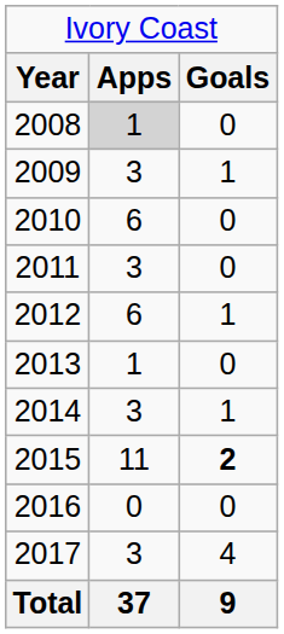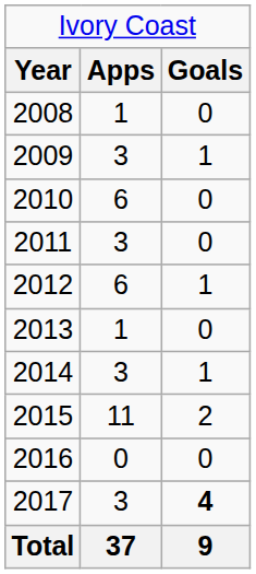 <table class="wikitable" style="text-align:center">
 <tr>
 <td colspan="3"><a href='#'>Ivory Coast</a></td>
 </tr>
 <tr>
 <th>Year</th>
 <th>Apps</th>
 <th>Goals</th>
 </tr>
 <tr>
 <td>2008</td>
-<td style="background: lightgrey;">1</td>
+<td>1</td>
 <td>0</td>
 </tr>
 <tr>
 <td>2009</td>
 <td>3</td>
 <td>1</td>
 </tr>
 <tr>
 <td>2010</td>
 <td>6</td>
 <td>0</td>
 </tr>
 <tr>
 <td>2011</td>
 <td>3</td>
 <td>0</td>
 </tr>
 <tr>
 <td>2012</td>
 <td>6</td>
 <td>1</td>
 </tr>
 <tr>
 <td>2013</td>
 <td>1</td>
 <td>0</td>
 </tr>
 <tr>
 <td>2014</td>
 <td>3</td>
 <td>1</td>
 </tr>
 <tr>
 <td>2015</td>
 <td>11</td>
-<td><strong>2</strong></td>
+<td>2</td>
 </tr>
 <tr>
 <td>2016</td>
 <td>0</td>
 <td>0</td>
 </tr>
 <tr>
 <td>2017</td>
 <td>3</td>
-<td>4</td>
+<td><strong>4</strong></td>
 </tr>
 <tr>
 <th>Total</th>
 <th>37</th>
 <th>9</th>
 </tr>
 </table>
